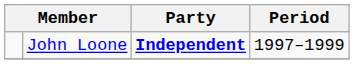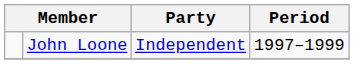 <table class="wikitable">
 <tr>
 <th colspan="2">Member</th>
 <th>Party</th>
 <th>Period</th>
 </tr>
 <tr>
 <td> </td>
 <td><a href='#'>John Loone</a></td>
-<td><strong><a href='#'>Independent</a></strong></td>
+<td><a href='#'>Independent</a></td>
 <td>1997–1999</td>
 </tr>
 <tr>
 </tr>
 </table>
